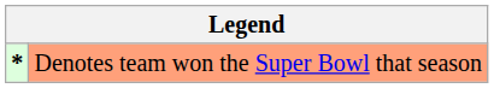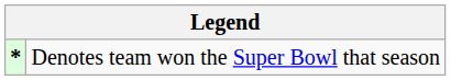 <table class="wikitable">
 <tr>
 <th scope=row colspan=2>Legend</th>
 </tr>
 <tr>
 <th scope="row" style="background-color: #DDFFDD;">*</th>
-<td style="background: lightsalmon;">Denotes team won the <a href='#'>Super Bowl</a> that season</td>
+<td>Denotes team won the <a href='#'>Super Bowl</a> that season</td>
 </tr>
 </table>
